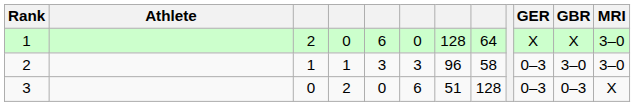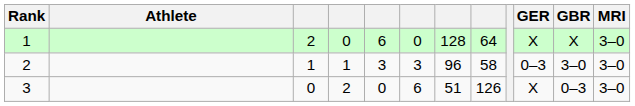 <table class="wikitable" style="text-align:center">
 <tr>
 <th>Rank</th>
 <th width=250>Athlete</th>
 <th width=30></th>
 <th width=30></th>
 <th width=30></th>
 <th width=30></th>
 <th width=30></th>
 <th width=30></th>
 <th rowspan=4></th>
 <th width=30>GER</th>
 <th width=30>GBR</th>
 <th width=30>MRI</th>
 </tr>
 <tr bgcolor=#ccffcc>
 <td>1</td>
 <td align=left></td>
 <td>2</td>
 <td>0</td>
 <td>6</td>
 <td>0</td>
 <td>128</td>
 <td>64</td>
 <td>X</td>
 <td>X</td>
 <td>3–0</td>
 </tr>
 <tr>
 <td>2</td>
 <td align=left></td>
 <td>1</td>
 <td>1</td>
 <td>3</td>
 <td>3</td>
 <td>96</td>
 <td>58</td>
 <td>0–3</td>
 <td>3–0</td>
 <td>3–0</td>
 </tr>
 <tr>
 <td>3</td>
 <td align=left></td>
 <td>0</td>
 <td>2</td>
 <td>0</td>
 <td>6</td>
 <td>51</td>
-<td>128</td>
+<td>126</td>
+<td>X</td>
 <td>0–3</td>
-<td>0–3</td>
-<td>X</td>
+<td>3–0</td>
 </tr>
 </table>
